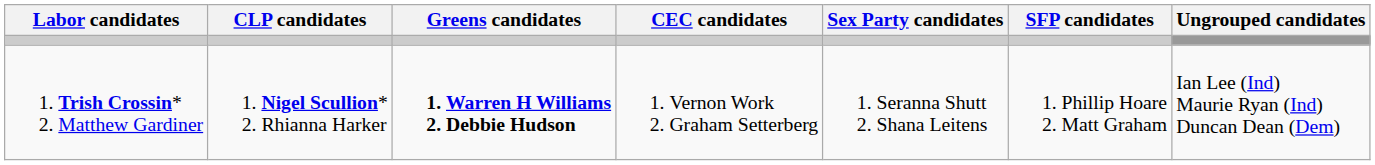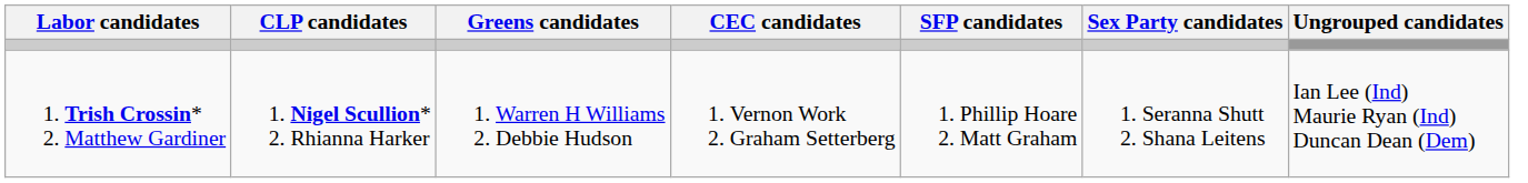 <table class="wikitable">
 <tr>
 <th><a href='#'>Labor</a> candidates</th>
 <th><a href='#'>CLP</a> candidates</th>
 <th><a href='#'>Greens</a> candidates</th>
 <th><a href='#'>CEC</a> candidates</th>
+<th><a href='#'>SFP</a> candidates</th>
 <th><a href='#'>Sex Party</a> candidates</th>
-<th><a href='#'>SFP</a> candidates</th>
 <th>Ungrouped candidates</th>
 </tr>
 <tr style="background:#ccc;">
 <td></td>
 <td></td>
 <td></td>
 <td></td>
 <td></td>
 <td></td>
 <td style="background:#999;"></td>
 </tr>
 <tr>
 <td><br><ol><li><strong><a href='#'>Trish Crossin</a></strong>*</li><li><a href='#'>Matthew Gardiner</a></li></ol></td>
 <td><br><ol><li><strong><a href='#'>Nigel Scullion</a></strong>*</li><li>Rhianna Harker</li></ol></td>
-<td valign=top><strong><br><ol><li><a href='#'>Warren H Williams</a></li><li>Debbie Hudson</li></ol></strong></td>
+<td valign=top><br><ol><li><a href='#'>Warren H Williams</a></li><li>Debbie Hudson</li></ol></td>
 <td valign=top><br><ol><li>Vernon Work</li><li>Graham Setterberg</li></ol></td>
+<td valign=top><br><ol><li>Phillip Hoare</li><li>Matt Graham</li></ol></td>
 <td valign=top><br><ol><li>Seranna Shutt</li><li>Shana Leitens</li></ol></td>
-<td valign=top><br><ol><li>Phillip Hoare</li><li>Matt Graham</li></ol></td>
 <td valign=top><br>Ian Lee (<a href='#'>Ind</a>)<br> Maurie Ryan (<a href='#'>Ind</a>)<br> Duncan Dean (<a href='#'>Dem</a>)</td>
 </tr>
 </table>
